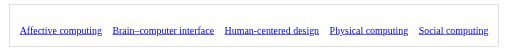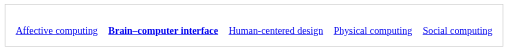 <table cellspacing="15" style="border:1px solid #ccc; text-align:center; margin:auto;">
 <tr>
 <td></td>
 <td></td>
 <td></td>
 <td></td>
 <td></td>
 </tr>
 <tr>
 <td><a href='#'>Affective computing</a></td>
-<td><a href='#'>Brain–computer interface</a></td>
+<td><strong><a href='#'>Brain–computer interface</a></strong></td>
 <td><a href='#'>Human-centered design</a></td>
 <td><a href='#'>Physical computing</a></td>
 <td><a href='#'>Social computing</a></td>
 </tr>
 </table>
